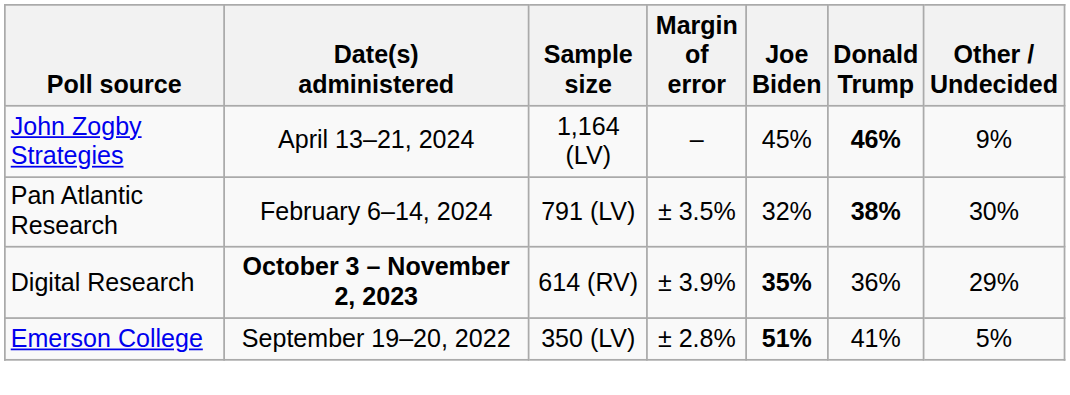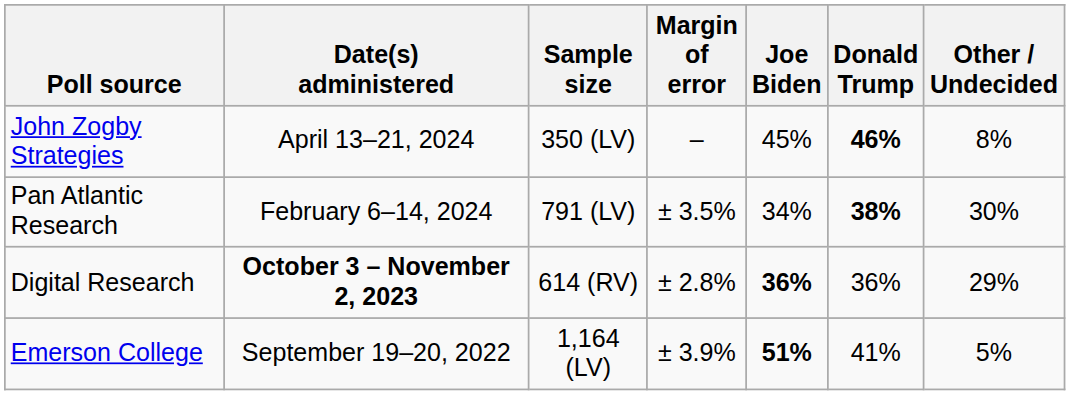 <table class="wikitable sortable mw-datatable" style="font-size:90%;text-align:center;line-height:17px">
 <tr style="vertical-align:bottom">
 <th>Poll source</th>
 <th>Date(s)<br>administered</th>
 <th>Sample<br>size</th>
 <th>Margin<br>of error</th>
 <th class="unsortable">Joe<br>Biden<br></th>
 <th class="unsortable">Donald<br>Trump<br></th>
 <th class="unsortable">Other /<br>Undecided</th>
 </tr>
 <tr>
 <td style="text-align:left;"><a href='#'>John Zogby Strategies</a></td>
 <td data-sort-value="2024-05-01">April 13–21, 2024</td>
-<td>1,164 (LV)</td>
+<td>350 (LV)</td>
 <td>–</td>
 <td>45%</td>
 <td style="background-color:"><strong>46%</strong></td>
-<td>9%</td>
+<td>8%</td>
 </tr>
 <tr>
 <td style="text-align:left;">Pan Atlantic Research</td>
 <td>February 6–14, 2024</td>
 <td>791 (LV)</td>
 <td>± 3.5%</td>
-<td>32%</td>
+<td>34%</td>
 <td style="background-color:"><strong>38%</strong></td>
 <td>30%</td>
 </tr>
 <tr>
 <td style="text-align:left;">Digital Research</td>
 <td data-sort-value=2023-11-02><strong>October 3 – November 2, 2023</strong></td>
 <td>614 (RV)</td>
-<td>± 3.9%</td>
-<td style="color:black;background-color:"><strong>35%</strong></td>
+<td>± 2.8%</td>
+<td style="color:black;background-color:"><strong>36%</strong></td>
 <td>36%</td>
 <td>29%</td>
 </tr>
 <tr>
 <td style="text-align:left;"><a href='#'>Emerson College</a></td>
 <td data-sort-value=2022-09-20>September 19–20, 2022</td>
-<td>350 (LV)</td>
-<td>± 2.8%</td>
+<td>1,164 (LV)</td>
+<td>± 3.9%</td>
 <td style="color:black;background-color:"><strong>51%</strong></td>
 <td>41%</td>
 <td>5%</td>
 </tr>
 </table>
